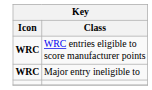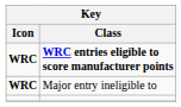 <table align="right" class="wikitable" style="font-size: 85%;">
 <tr>
 <th colspan="2">Key</th>
 </tr>
 <tr>
 <th>Icon</th>
 <th>Class</th>
 </tr>
 <tr>
 <td align="center"><strong><span>WRC</span></strong></td>
-<td><a href='#'>WRC</a> entries eligible to<br>score manufacturer points</td>
+<td><strong><a href='#'>WRC</a> entries eligible to<br>score manufacturer points</strong></td>
 </tr>
 <tr>
 <td align="center"><strong><span>WRC</span></strong></td>
 <td>Major entry ineligible to<br></td>
 </tr>
 <tr>
 <td align="center"><strong><span></span></strong></td>
 <td></td>
 </tr>
 <tr>
 </tr>
 </table>
